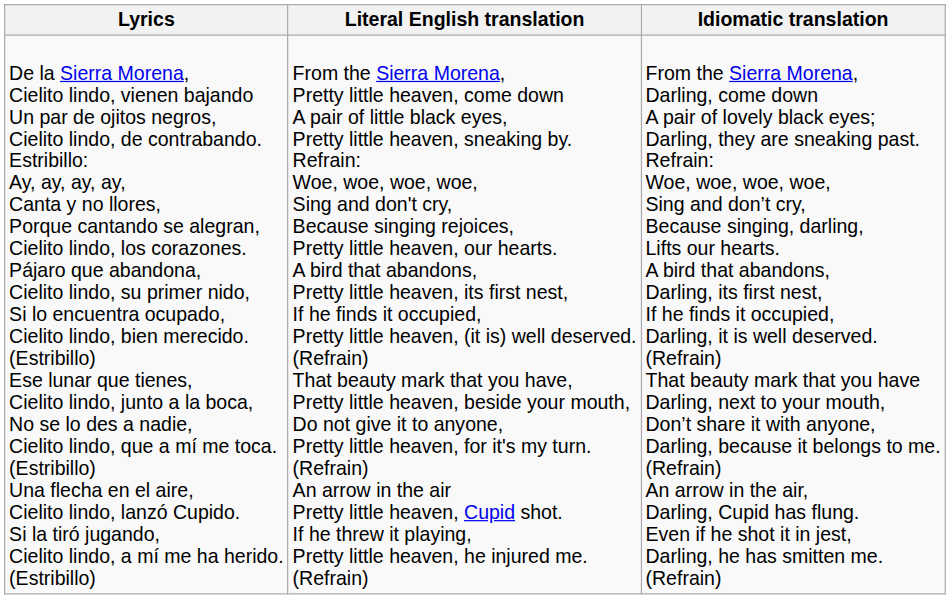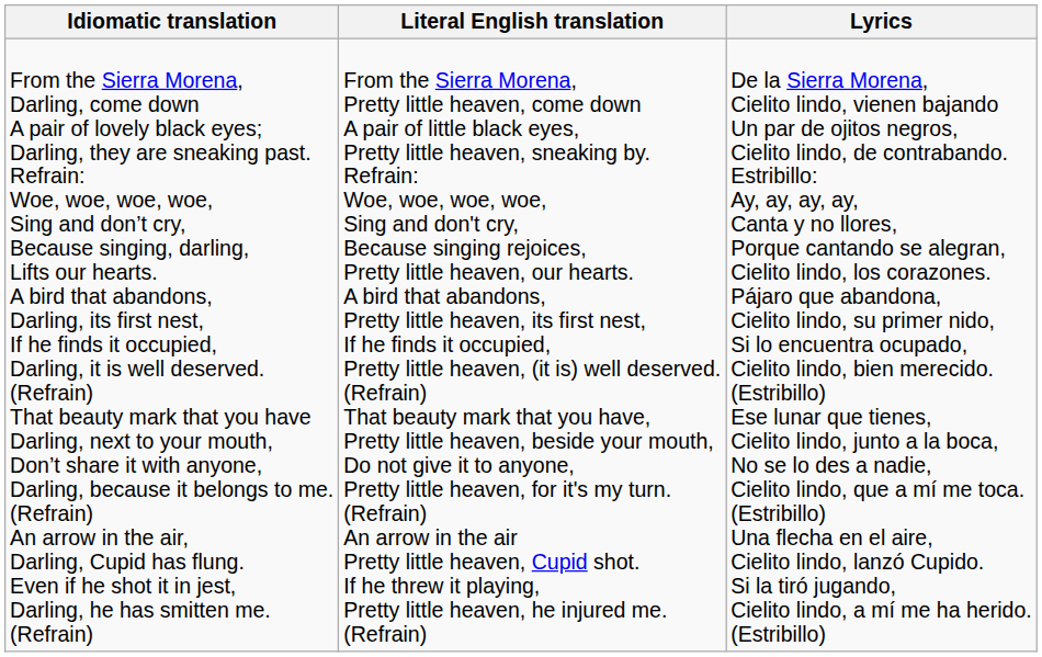 <table class="wikitable">
 <tr>
+<th><strong>Idiomatic translation</strong></th>
+<th><strong>Literal English translation</strong></th>
 <th><strong>Lyrics</strong></th>
-<th><strong>Literal English translation</strong></th>
-<th><strong>Idiomatic translation</strong></th>
 </tr>
 <tr>
+<td><br>From the <a href='#'>Sierra Morena</a>,<br> Darling, come down<br> A pair of lovely black eyes;<br> Darling, they are sneaking past.<br>Refrain:<br> Woe, woe, woe, woe,<br> Sing and don’t cry,<br> Because singing, darling,<br> Lifts our hearts.<br>A bird that abandons,<br> Darling, its first nest,<br> If he finds it occupied,<br> Darling, it is well deserved.<br>(Refrain)<br>That beauty mark that you have<br> Darling, next to your mouth,<br> Don’t share it with anyone,<br> Darling, because it belongs to me.<br>(Refrain)<br>An arrow in the air,<br> Darling, Cupid has flung.<br> Even if he shot it in jest,<br> Darling, he has smitten me.<br>(Refrain)</td>
+<td><br>From the <a href='#'>Sierra Morena</a>,<br> Pretty little heaven, come down<br> A pair of little black eyes,<br> Pretty little heaven, sneaking by.<br>Refrain:<br> Woe, woe, woe, woe,<br> Sing and don't cry,<br> Because singing rejoices,<br> Pretty little heaven, our hearts.<br>A bird that abandons,<br> Pretty little heaven, its first nest,<br> If he finds it occupied,<br> Pretty little heaven, (it is) well deserved.<br>(Refrain)<br>That beauty mark that you have,<br> Pretty little heaven, beside your mouth,<br> Do not give it to anyone,<br> Pretty little heaven, for it's my turn.<br>(Refrain)<br>An arrow in the air<br> Pretty little heaven, <a href='#'>Cupid</a> shot.<br> If he threw it playing,<br> Pretty little heaven, he injured me.<br>(Refrain)</td>
 <td><br>De la <a href='#'>Sierra Morena</a>,<br> Cielito lindo, vienen bajando<br> Un par de ojitos negros,<br>  Cielito lindo, de contrabando.<br>Estribillo:<br> Ay, ay, ay, ay,<br> Canta y no llores,<br> Porque cantando se alegran,<br> Cielito lindo, los corazones.<br>Pájaro que abandona,<br> Cielito lindo, su primer nido,<br> Si lo encuentra ocupado,<br> Cielito lindo, bien merecido.<br>(Estribillo)<br>Ese lunar que tienes,<br> Cielito lindo, junto a la boca,<br> No se lo des a nadie,<br> Cielito lindo, que a mí me toca.<br>(Estribillo)<br>Una flecha en el aire,<br> Cielito lindo, lanzó Cupido.<br> Si la tiró jugando,<br> Cielito lindo, a mí me ha herido.<br>(Estribillo)</td>
-<td><br>From the <a href='#'>Sierra Morena</a>,<br> Pretty little heaven, come down<br> A pair of little black eyes,<br> Pretty little heaven, sneaking by.<br>Refrain:<br> Woe, woe, woe, woe,<br> Sing and don't cry,<br> Because singing rejoices,<br> Pretty little heaven, our hearts.<br>A bird that abandons,<br> Pretty little heaven, its first nest,<br> If he finds it occupied,<br> Pretty little heaven, (it is) well deserved.<br>(Refrain)<br>That beauty mark that you have,<br> Pretty little heaven, beside your mouth,<br> Do not give it to anyone,<br> Pretty little heaven, for it's my turn.<br>(Refrain)<br>An arrow in the air<br> Pretty little heaven, <a href='#'>Cupid</a> shot.<br> If he threw it playing,<br> Pretty little heaven, he injured me.<br>(Refrain)</td>
-<td><br>From the <a href='#'>Sierra Morena</a>,<br> Darling, come down<br> A pair of lovely black eyes;<br> Darling, they are sneaking past.<br>Refrain:<br> Woe, woe, woe, woe,<br> Sing and don’t cry,<br> Because singing, darling,<br> Lifts our hearts.<br>A bird that abandons,<br> Darling, its first nest,<br> If he finds it occupied,<br> Darling, it is well deserved.<br>(Refrain)<br>That beauty mark that you have<br> Darling, next to your mouth,<br> Don’t share it with anyone,<br> Darling, because it belongs to me.<br>(Refrain)<br>An arrow in the air,<br> Darling, Cupid has flung.<br> Even if he shot it in jest,<br> Darling, he has smitten me.<br>(Refrain)</td>
 </tr>
 </table>
